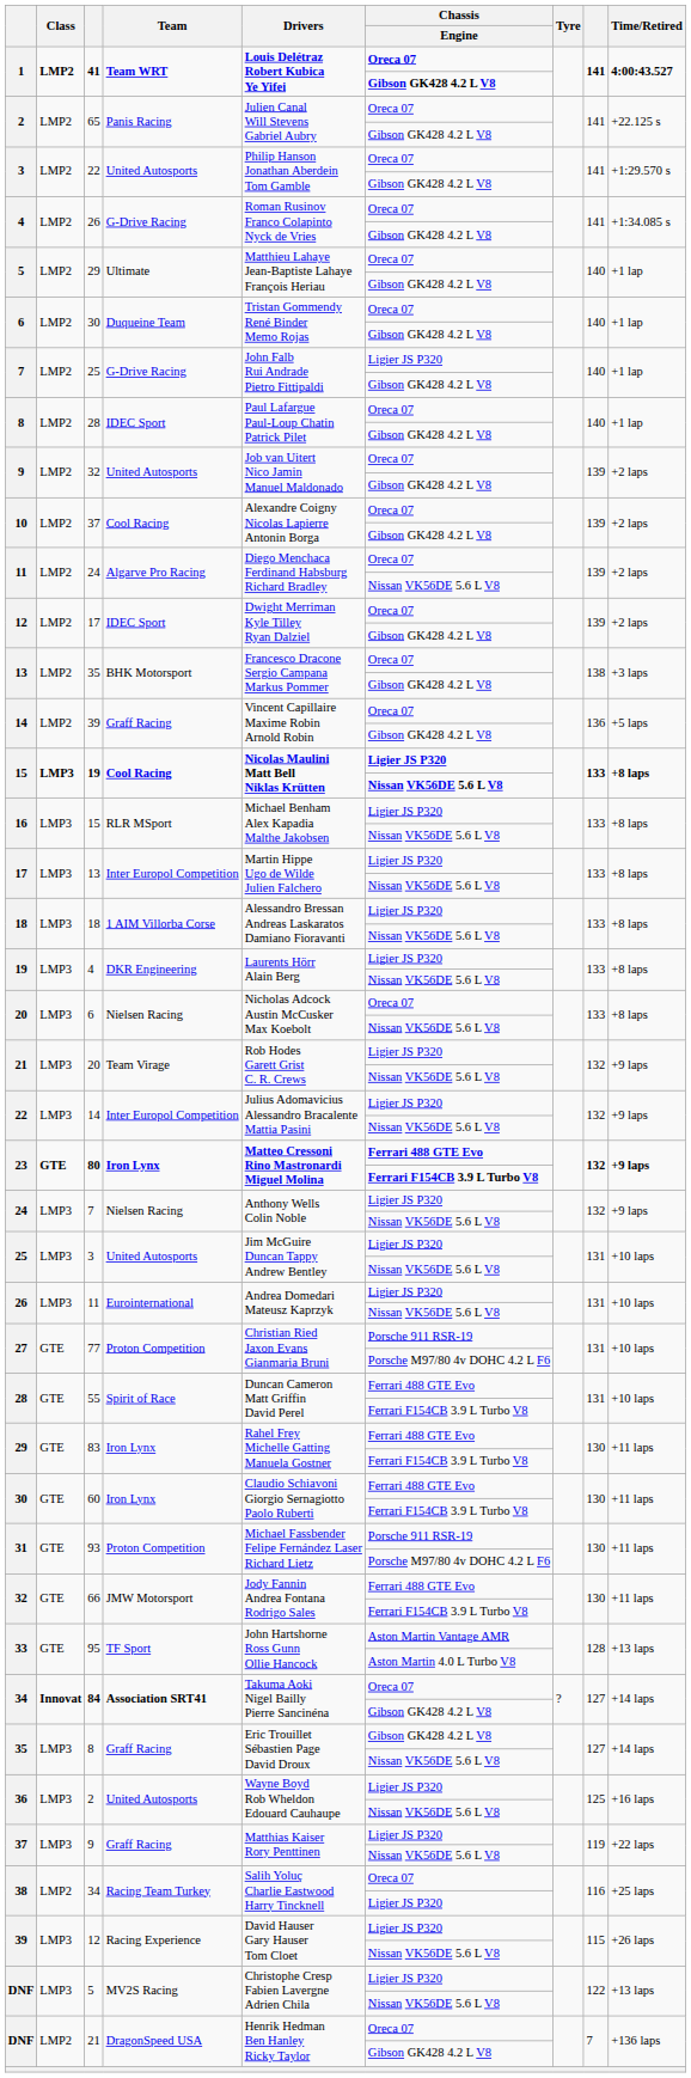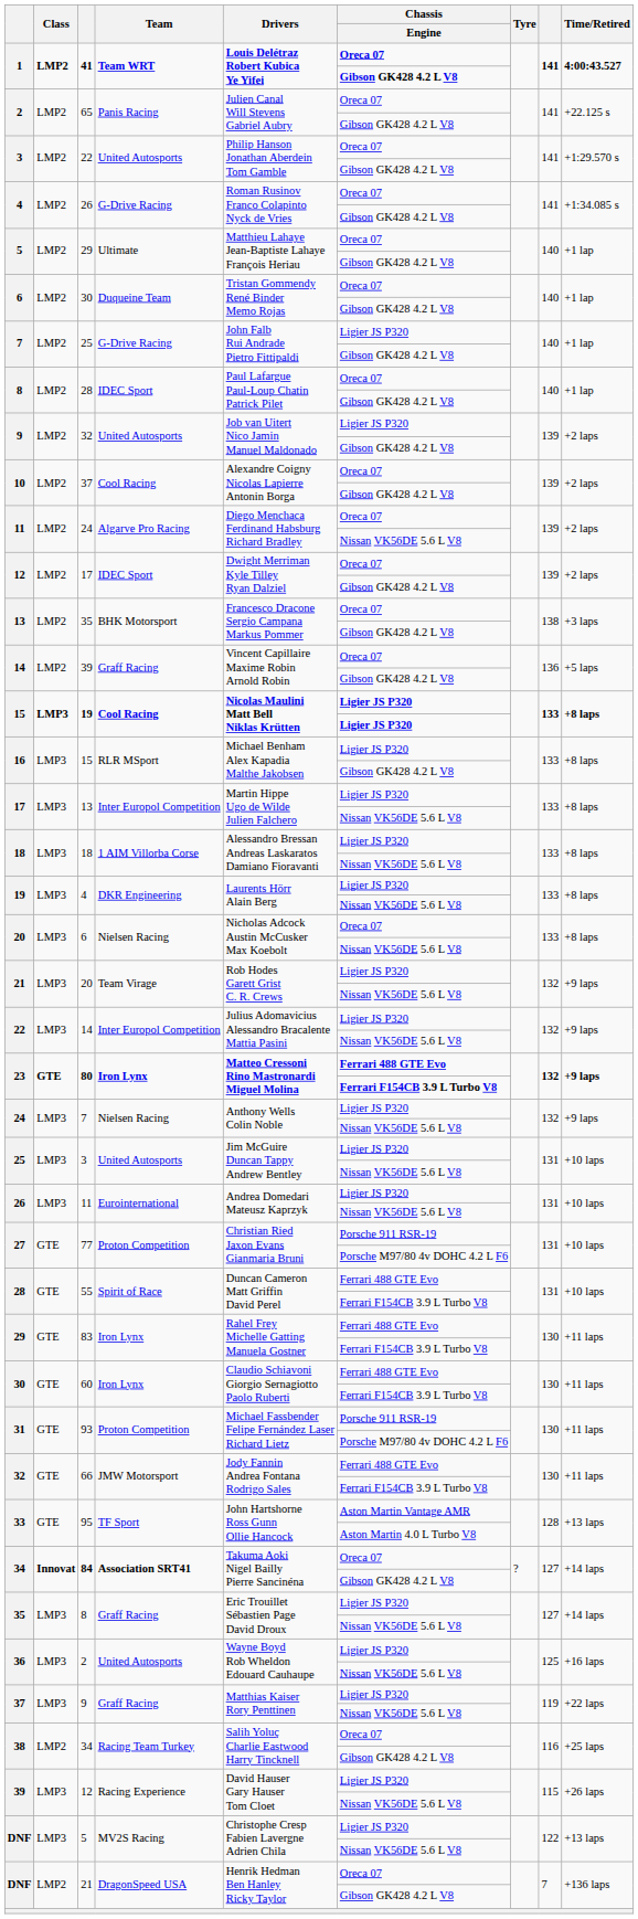 <table class="wikitable" style="font-size:85%;">
 <tr>
 <th rowspan="2"></th>
 <th rowspan="2">Class</th>
 <th rowspan="2"></th>
 <th rowspan="2">Team</th>
 <th rowspan="2">Drivers</th>
 <th>Chassis</th>
 <th rowspan="2">Tyre</th>
 <th rowspan="2"></th>
 <th rowspan="2">Time/Retired</th>
 </tr>
 <tr>
 <th>Engine</th>
 </tr>
 <tr>
 <th rowspan="2">1</th>
 <td rowspan="2"><strong>LMP2</strong></td>
 <td rowspan="2"><strong>41</strong></td>
 <td rowspan="2"><strong> <a href='#'>Team WRT</a></strong></td>
 <td rowspan="2"><strong> <a href='#'>Louis Delétraz</a><br> <a href='#'>Robert Kubica</a><br> <a href='#'>Ye Yifei</a></strong></td>
 <td><strong><a href='#'>Oreca 07</a></strong></td>
 <td rowspan="2"></td>
 <td rowspan="2"><strong>141</strong></td>
 <td rowspan="2"><strong>4:00:43.527</strong></td>
 </tr>
 <tr>
 <td><strong><a href='#'>Gibson</a> GK428 4.2 L <a href='#'>V8</a></strong></td>
 </tr>
 <tr>
 <th rowspan="2">2</th>
 <td rowspan="2">LMP2</td>
 <td rowspan="2">65</td>
 <td rowspan="2"> <a href='#'>Panis Racing</a></td>
 <td rowspan="2"> <a href='#'>Julien Canal</a><br> <a href='#'>Will Stevens</a><br> <a href='#'>Gabriel Aubry</a></td>
 <td><a href='#'>Oreca 07</a></td>
 <td rowspan="2"></td>
 <td rowspan="2">141</td>
 <td rowspan="2">+22.125 s</td>
 </tr>
 <tr>
 <td><a href='#'>Gibson</a> GK428 4.2 L <a href='#'>V8</a></td>
 </tr>
 <tr>
 <th rowspan="2">3</th>
 <td rowspan="2">LMP2</td>
 <td rowspan="2">22</td>
 <td rowspan="2"> <a href='#'>United Autosports</a></td>
 <td rowspan="2"> <a href='#'>Philip Hanson</a><br> <a href='#'>Jonathan Aberdein</a><br> <a href='#'>Tom Gamble</a></td>
 <td><a href='#'>Oreca 07</a></td>
 <td rowspan="2"></td>
 <td rowspan="2">141</td>
 <td rowspan="2">+1:29.570 s</td>
 </tr>
 <tr>
 <td><a href='#'>Gibson</a> GK428 4.2 L <a href='#'>V8</a></td>
 </tr>
 <tr>
 <th rowspan="2">4</th>
 <td rowspan="2">LMP2</td>
 <td rowspan="2">26</td>
 <td rowspan="2"> <a href='#'>G-Drive Racing</a></td>
 <td rowspan="2"> <a href='#'>Roman Rusinov</a><br> <a href='#'>Franco Colapinto</a><br> <a href='#'>Nyck de Vries</a></td>
 <td><a href='#'>Oreca 07</a></td>
 <td rowspan="2"></td>
 <td rowspan="2">141</td>
 <td rowspan="2">+1:34.085 s</td>
 </tr>
 <tr>
 <td><a href='#'>Gibson</a> GK428 4.2 L <a href='#'>V8</a></td>
 </tr>
 <tr>
 <th rowspan="2">5</th>
 <td rowspan="2">LMP2</td>
 <td rowspan="2">29</td>
 <td rowspan="2"> Ultimate</td>
 <td rowspan="2"> <a href='#'>Matthieu Lahaye</a><br> Jean-Baptiste Lahaye<br> François Heriau</td>
 <td><a href='#'>Oreca 07</a></td>
 <td rowspan="2"></td>
 <td rowspan="2">140</td>
 <td rowspan="2">+1 lap</td>
 </tr>
 <tr>
 <td><a href='#'>Gibson</a> GK428 4.2 L <a href='#'>V8</a></td>
 </tr>
 <tr>
 <th rowspan="2">6</th>
 <td rowspan="2">LMP2</td>
 <td rowspan="2">30</td>
 <td rowspan="2"> <a href='#'>Duqueine Team</a></td>
 <td rowspan="2"> <a href='#'>Tristan Gommendy</a><br> <a href='#'>René Binder</a><br> <a href='#'>Memo Rojas</a></td>
 <td><a href='#'>Oreca 07</a></td>
 <td rowspan="2"></td>
 <td rowspan="2">140</td>
 <td rowspan="2">+1 lap</td>
 </tr>
 <tr>
 <td><a href='#'>Gibson</a> GK428 4.2 L <a href='#'>V8</a></td>
 </tr>
 <tr>
 <th rowspan="2">7</th>
 <td rowspan="2">LMP2</td>
 <td rowspan="2">25</td>
 <td rowspan="2"> <a href='#'>G-Drive Racing</a></td>
 <td rowspan="2"> <a href='#'>John Falb</a><br> <a href='#'>Rui Andrade</a><br> <a href='#'>Pietro Fittipaldi</a></td>
 <td><a href='#'>Ligier JS P320</a></td>
 <td rowspan="2"></td>
 <td rowspan="2">140</td>
 <td rowspan="2">+1 lap</td>
 </tr>
 <tr>
 <td><a href='#'>Gibson</a> GK428 4.2 L <a href='#'>V8</a></td>
 </tr>
 <tr>
 <th rowspan="2">8</th>
 <td rowspan="2">LMP2</td>
 <td rowspan="2">28</td>
 <td rowspan="2"> <a href='#'>IDEC Sport</a></td>
 <td rowspan="2"> <a href='#'>Paul Lafargue</a><br> <a href='#'>Paul-Loup Chatin</a><br> <a href='#'>Patrick Pilet</a></td>
 <td><a href='#'>Oreca 07</a></td>
 <td rowspan="2"></td>
 <td rowspan="2">140</td>
 <td rowspan="2">+1 lap</td>
 </tr>
 <tr>
 <td><a href='#'>Gibson</a> GK428 4.2 L <a href='#'>V8</a></td>
 </tr>
 <tr>
 <th rowspan="2">9</th>
 <td rowspan="2">LMP2</td>
 <td rowspan="2">32</td>
 <td rowspan="2"> <a href='#'>United Autosports</a></td>
 <td rowspan="2"> <a href='#'>Job van Uitert</a><br> <a href='#'>Nico Jamin</a><br> <a href='#'>Manuel Maldonado</a></td>
-<td><a href='#'>Oreca 07</a></td>
+<td><a href='#'>Ligier JS P320</a></td>
 <td rowspan="2"></td>
 <td rowspan="2">139</td>
 <td rowspan="2">+2 laps</td>
 </tr>
 <tr>
 <td><a href='#'>Gibson</a> GK428 4.2 L <a href='#'>V8</a></td>
 </tr>
 <tr>
 <th rowspan="2">10</th>
 <td rowspan="2">LMP2</td>
 <td rowspan="2">37</td>
 <td rowspan="2"> <a href='#'>Cool Racing</a></td>
 <td rowspan="2"> Alexandre Coigny<br> <a href='#'>Nicolas Lapierre</a><br> Antonin Borga</td>
 <td><a href='#'>Oreca 07</a></td>
 <td rowspan="2"></td>
 <td rowspan="2">139</td>
 <td rowspan="2">+2 laps</td>
 </tr>
 <tr>
 <td><a href='#'>Gibson</a> GK428 4.2 L <a href='#'>V8</a></td>
 </tr>
 <tr>
 <th rowspan="2">11</th>
 <td rowspan="2">LMP2</td>
 <td rowspan="2">24</td>
 <td rowspan="2"> <a href='#'>Algarve Pro Racing</a></td>
 <td rowspan="2"> <a href='#'>Diego Menchaca</a><br> <a href='#'>Ferdinand Habsburg</a><br> <a href='#'>Richard Bradley</a></td>
 <td><a href='#'>Oreca 07</a></td>
 <td rowspan="2"></td>
 <td rowspan="2">139</td>
 <td rowspan="2">+2 laps</td>
 </tr>
 <tr>
 <td><a href='#'>Nissan</a> <a href='#'>VK56DE</a> 5.6 L <a href='#'>V8</a></td>
 </tr>
 <tr>
 <th rowspan="2">12</th>
 <td rowspan="2">LMP2</td>
 <td rowspan="2">17</td>
 <td rowspan="2"> <a href='#'>IDEC Sport</a></td>
 <td rowspan="2"> <a href='#'>Dwight Merriman</a><br> <a href='#'>Kyle Tilley</a><br> <a href='#'>Ryan Dalziel</a></td>
 <td><a href='#'>Oreca 07</a></td>
 <td rowspan="2"></td>
 <td rowspan="2">139</td>
 <td rowspan="2">+2 laps</td>
 </tr>
 <tr>
 <td><a href='#'>Gibson</a> GK428 4.2 L <a href='#'>V8</a></td>
 </tr>
 <tr>
 <th rowspan="2">13</th>
 <td rowspan="2">LMP2</td>
 <td rowspan="2">35</td>
 <td rowspan="2"> BHK Motorsport</td>
 <td rowspan="2"> <a href='#'>Francesco Dracone</a><br> <a href='#'>Sergio Campana</a><br> <a href='#'>Markus Pommer</a></td>
 <td><a href='#'>Oreca 07</a></td>
 <td rowspan="2"></td>
 <td rowspan="2">138</td>
 <td rowspan="2">+3 laps</td>
 </tr>
 <tr>
 <td><a href='#'>Gibson</a> GK428 4.2 L <a href='#'>V8</a></td>
 </tr>
 <tr>
 <th rowspan="2">14</th>
 <td rowspan="2">LMP2</td>
 <td rowspan="2">39</td>
 <td rowspan="2"> <a href='#'>Graff Racing</a></td>
 <td rowspan="2"> Vincent Capillaire<br> Maxime Robin<br> Arnold Robin</td>
 <td><a href='#'>Oreca 07</a></td>
 <td rowspan="2"></td>
 <td rowspan="2">136</td>
 <td rowspan="2">+5 laps</td>
 </tr>
 <tr>
 <td><a href='#'>Gibson</a> GK428 4.2 L <a href='#'>V8</a></td>
 </tr>
 <tr>
 <th rowspan="2">15</th>
 <td rowspan="2"><strong>LMP3</strong></td>
 <td rowspan="2"><strong>19</strong></td>
 <td rowspan="2"> <strong><a href='#'>Cool Racing</a></strong></td>
 <td rowspan="2"> <strong><a href='#'>Nicolas Maulini</a></strong><br> <strong>Matt Bell</strong><br> <strong><a href='#'>Niklas Krütten</a></strong></td>
 <td><strong><a href='#'>Ligier JS P320</a></strong></td>
 <td rowspan="2"></td>
 <td rowspan="2"><strong>133</strong></td>
 <td rowspan="2"><strong>+8 laps</strong></td>
 </tr>
 <tr>
-<td><strong><a href='#'>Nissan</a> <a href='#'>VK56DE</a> 5.6 L <a href='#'>V8</a></strong></td>
+<td><strong><a href='#'>Ligier JS P320</a></strong></td>
 </tr>
 <tr>
 <th rowspan="2">16</th>
 <td rowspan="2">LMP3</td>
 <td rowspan="2">15</td>
 <td rowspan="2"> RLR MSport</td>
 <td rowspan="2"> Michael Benham<br> Alex Kapadia<br> <a href='#'>Malthe Jakobsen</a></td>
 <td><a href='#'>Ligier JS P320</a></td>
 <td rowspan="2"></td>
 <td rowspan="2">133</td>
 <td rowspan="2">+8 laps</td>
 </tr>
 <tr>
-<td><a href='#'>Nissan</a> <a href='#'>VK56DE</a> 5.6 L <a href='#'>V8</a></td>
+<td><a href='#'>Gibson</a> GK428 4.2 L <a href='#'>V8</a></td>
 </tr>
 <tr>
 <th rowspan="2">17</th>
 <td rowspan="2">LMP3</td>
 <td rowspan="2">13</td>
 <td rowspan="2"> <a href='#'>Inter Europol Competition</a></td>
 <td rowspan="2"> Martin Hippe<br> <a href='#'>Ugo de Wilde</a><br> <a href='#'>Julien Falchero</a></td>
 <td><a href='#'>Ligier JS P320</a></td>
 <td rowspan="2"></td>
 <td rowspan="2">133</td>
 <td rowspan="2">+8 laps</td>
 </tr>
 <tr>
 <td><a href='#'>Nissan</a> <a href='#'>VK56DE</a> 5.6 L <a href='#'>V8</a></td>
 </tr>
 <tr>
 <th rowspan="2">18</th>
 <td rowspan="2">LMP3</td>
 <td rowspan="2">18</td>
 <td rowspan="2"> <a href='#'>1 AIM Villorba Corse</a></td>
 <td rowspan="2"> Alessandro Bressan<br> Andreas Laskaratos<br> Damiano Fioravanti</td>
 <td><a href='#'>Ligier JS P320</a></td>
 <td rowspan="2"></td>
 <td rowspan="2">133</td>
 <td rowspan="2">+8 laps</td>
 </tr>
 <tr>
 <td><a href='#'>Nissan</a> <a href='#'>VK56DE</a> 5.6 L <a href='#'>V8</a></td>
 </tr>
 <tr>
 <th rowspan="2">19</th>
 <td rowspan="2">LMP3</td>
 <td rowspan="2">4</td>
 <td rowspan="2"> <a href='#'>DKR Engineering</a></td>
 <td rowspan="2"> <a href='#'>Laurents Hörr</a><br> Alain Berg</td>
 <td><a href='#'>Ligier JS P320</a></td>
 <td rowspan="2"></td>
 <td rowspan="2">133</td>
 <td rowspan="2">+8 laps</td>
 </tr>
 <tr>
 <td><a href='#'>Nissan</a> <a href='#'>VK56DE</a> 5.6 L <a href='#'>V8</a></td>
 </tr>
 <tr>
 <th rowspan="2">20</th>
 <td rowspan="2">LMP3</td>
 <td rowspan="2">6</td>
 <td rowspan="2"> Nielsen Racing</td>
 <td rowspan="2"> Nicholas Adcock<br> Austin McCusker<br> Max Koebolt</td>
 <td><a href='#'>Oreca 07</a></td>
 <td rowspan="2"></td>
 <td rowspan="2">133</td>
 <td rowspan="2">+8 laps</td>
 </tr>
 <tr>
 <td><a href='#'>Nissan</a> <a href='#'>VK56DE</a> 5.6 L <a href='#'>V8</a></td>
 </tr>
 <tr>
 <th rowspan="2">21</th>
 <td rowspan="2">LMP3</td>
 <td rowspan="2">20</td>
 <td rowspan="2"> Team Virage</td>
 <td rowspan="2"> Rob Hodes<br> <a href='#'>Garett Grist</a><br> <a href='#'>C. R. Crews</a></td>
 <td><a href='#'>Ligier JS P320</a></td>
 <td rowspan="2"></td>
 <td rowspan="2">132</td>
 <td rowspan="2">+9 laps</td>
 </tr>
 <tr>
 <td><a href='#'>Nissan</a> <a href='#'>VK56DE</a> 5.6 L <a href='#'>V8</a></td>
 </tr>
 <tr>
 <th rowspan="2">22</th>
 <td rowspan="2">LMP3</td>
 <td rowspan="2">14</td>
 <td rowspan="2"> <a href='#'>Inter Europol Competition</a></td>
 <td rowspan="2"> Julius Adomavicius<br> Alessandro Bracalente<br> <a href='#'>Mattia Pasini</a></td>
 <td><a href='#'>Ligier JS P320</a></td>
 <td rowspan="2"></td>
 <td rowspan="2">132</td>
 <td rowspan="2">+9 laps</td>
 </tr>
 <tr>
 <td><a href='#'>Nissan</a> <a href='#'>VK56DE</a> 5.6 L <a href='#'>V8</a></td>
 </tr>
 <tr>
 <th rowspan="2">23</th>
 <td rowspan="2"><strong>GTE</strong></td>
 <td rowspan="2"><strong>80</strong></td>
 <td rowspan="2"> <strong><a href='#'>Iron Lynx</a></strong></td>
 <td rowspan="2"> <strong><a href='#'>Matteo Cressoni</a></strong><br> <strong><a href='#'>Rino Mastronardi</a></strong><br> <strong><a href='#'>Miguel Molina</a></strong></td>
 <td><strong><a href='#'>Ferrari 488 GTE Evo</a></strong></td>
 <td rowspan="2"></td>
 <td rowspan="2"><strong>132</strong></td>
 <td rowspan="2"><strong>+9 laps</strong></td>
 </tr>
 <tr>
 <td><strong><a href='#'>Ferrari F154CB</a> 3.9 L Turbo <a href='#'>V8</a></strong></td>
 </tr>
 <tr>
 <th rowspan="2">24</th>
 <td rowspan="2">LMP3</td>
 <td rowspan="2">7</td>
 <td rowspan="2"> Nielsen Racing</td>
 <td rowspan="2"> Anthony Wells<br> Colin Noble</td>
 <td><a href='#'>Ligier JS P320</a></td>
 <td rowspan="2"></td>
 <td rowspan="2">132</td>
 <td rowspan="2">+9 laps</td>
 </tr>
 <tr>
 <td><a href='#'>Nissan</a> <a href='#'>VK56DE</a> 5.6 L <a href='#'>V8</a></td>
 </tr>
 <tr>
 <th rowspan="2">25</th>
 <td rowspan="2">LMP3</td>
 <td rowspan="2">3</td>
 <td rowspan="2"> <a href='#'>United Autosports</a></td>
 <td rowspan="2"> Jim McGuire<br> <a href='#'>Duncan Tappy</a><br> Andrew Bentley</td>
 <td><a href='#'>Ligier JS P320</a></td>
 <td rowspan="2"></td>
 <td rowspan="2">131</td>
 <td rowspan="2">+10 laps</td>
 </tr>
 <tr>
 <td><a href='#'>Nissan</a> <a href='#'>VK56DE</a> 5.6 L <a href='#'>V8</a></td>
 </tr>
 <tr>
 <th rowspan="2">26</th>
 <td rowspan="2">LMP3</td>
 <td rowspan="2">11</td>
 <td rowspan="2"> <a href='#'>Eurointernational</a></td>
 <td rowspan="2"> Andrea Domedari<br> Mateusz Kaprzyk</td>
 <td><a href='#'>Ligier JS P320</a></td>
 <td rowspan="2"></td>
 <td rowspan="2">131</td>
 <td rowspan="2">+10 laps</td>
 </tr>
 <tr>
 <td><a href='#'>Nissan</a> <a href='#'>VK56DE</a> 5.6 L <a href='#'>V8</a></td>
 </tr>
 <tr>
 <th rowspan="2">27</th>
 <td rowspan="2">GTE</td>
 <td rowspan="2">77</td>
 <td rowspan="2"> <a href='#'>Proton Competition</a></td>
 <td rowspan="2"> <a href='#'>Christian Ried</a><br> <a href='#'>Jaxon Evans</a><br> <a href='#'>Gianmaria Bruni</a></td>
 <td><a href='#'>Porsche 911 RSR-19</a></td>
 <td rowspan="2"></td>
 <td rowspan="2">131</td>
 <td rowspan="2">+10 laps</td>
 </tr>
 <tr>
 <td><a href='#'>Porsche</a> M97/80 4v DOHC 4.2 L <a href='#'>F6</a></td>
 </tr>
 <tr>
 <th rowspan="2">28</th>
 <td rowspan="2">GTE</td>
 <td rowspan="2">55</td>
 <td rowspan="2"> <a href='#'>Spirit of Race</a></td>
 <td rowspan="2"> Duncan Cameron<br> Matt Griffin<br> David Perel</td>
 <td><a href='#'>Ferrari 488 GTE Evo</a></td>
 <td rowspan="2"></td>
 <td rowspan="2">131</td>
 <td rowspan="2">+10 laps</td>
 </tr>
 <tr>
 <td><a href='#'>Ferrari F154CB</a> 3.9 L Turbo <a href='#'>V8</a></td>
 </tr>
 <tr>
 <th rowspan="2">29</th>
 <td rowspan="2">GTE</td>
 <td rowspan="2">83</td>
 <td rowspan="2"> <a href='#'>Iron Lynx</a></td>
 <td rowspan="2"> <a href='#'>Rahel Frey</a><br> <a href='#'>Michelle Gatting</a><br> <a href='#'>Manuela Gostner</a></td>
 <td><a href='#'>Ferrari 488 GTE Evo</a></td>
 <td rowspan="2"></td>
 <td rowspan="2">130</td>
 <td rowspan="2">+11 laps</td>
 </tr>
 <tr>
 <td><a href='#'>Ferrari F154CB</a> 3.9 L Turbo <a href='#'>V8</a></td>
 </tr>
 <tr>
 <th rowspan="2">30</th>
 <td rowspan="2">GTE</td>
 <td rowspan="2">60</td>
 <td rowspan="2"> <a href='#'>Iron Lynx</a></td>
 <td rowspan="2"> <a href='#'>Claudio Schiavoni</a><br> Giorgio Sernagiotto<br> <a href='#'>Paolo Ruberti</a></td>
 <td><a href='#'>Ferrari 488 GTE Evo</a></td>
 <td rowspan="2"></td>
 <td rowspan="2">130</td>
 <td rowspan="2">+11 laps</td>
 </tr>
 <tr>
 <td><a href='#'>Ferrari F154CB</a> 3.9 L Turbo <a href='#'>V8</a></td>
 </tr>
 <tr>
 <th rowspan="2">31</th>
 <td rowspan="2">GTE</td>
 <td rowspan="2">93</td>
 <td rowspan="2"> <a href='#'>Proton Competition</a></td>
 <td rowspan="2"> <a href='#'>Michael Fassbender</a><br> <a href='#'>Felipe Fernández Laser</a><br> <a href='#'>Richard Lietz</a></td>
 <td><a href='#'>Porsche 911 RSR-19</a></td>
 <td rowspan="2"></td>
 <td rowspan="2">130</td>
 <td rowspan="2">+11 laps</td>
 </tr>
 <tr>
 <td><a href='#'>Porsche</a> M97/80 4v DOHC 4.2 L <a href='#'>F6</a></td>
 </tr>
 <tr>
 <th rowspan="2">32</th>
 <td rowspan="2">GTE</td>
 <td rowspan="2">66</td>
 <td rowspan="2"> JMW Motorsport</td>
 <td rowspan="2"> <a href='#'>Jody Fannin</a><br> Andrea Fontana<br> <a href='#'>Rodrigo Sales</a></td>
 <td><a href='#'>Ferrari 488 GTE Evo</a></td>
 <td rowspan="2"></td>
 <td rowspan="2">130</td>
 <td rowspan="2">+11 laps</td>
 </tr>
 <tr>
 <td><a href='#'>Ferrari F154CB</a> 3.9 L Turbo <a href='#'>V8</a></td>
 </tr>
 <tr>
 <th rowspan="2">33</th>
 <td rowspan="2">GTE</td>
 <td rowspan="2">95</td>
 <td rowspan="2"> <a href='#'>TF Sport</a></td>
 <td rowspan="2"> John Hartshorne<br> <a href='#'>Ross Gunn</a><br> <a href='#'>Ollie Hancock</a></td>
 <td><a href='#'>Aston Martin Vantage AMR</a></td>
 <td rowspan="2"></td>
 <td rowspan="2">128</td>
 <td rowspan="2">+13 laps</td>
 </tr>
 <tr>
 <td><a href='#'>Aston Martin</a> 4.0 L Turbo <a href='#'>V8</a></td>
 </tr>
 <tr>
 <th rowspan="2">34</th>
 <td rowspan="2"><strong>Innovat</strong></td>
 <td rowspan="2"><strong>84</strong></td>
 <td rowspan="2"> <strong>Association SRT41</strong></td>
 <td rowspan="2"> <a href='#'>Takuma Aoki</a><br> Nigel Bailly<br> Pierre Sancinéna</td>
 <td><a href='#'>Oreca 07</a></td>
 <td rowspan="2">?</td>
 <td rowspan="2">127</td>
 <td rowspan="2">+14 laps</td>
 </tr>
 <tr>
 <td><a href='#'>Gibson</a> GK428 4.2 L <a href='#'>V8</a></td>
 </tr>
 <tr>
 <th rowspan="2">35</th>
 <td rowspan="2">LMP3</td>
 <td rowspan="2">8</td>
 <td rowspan="2"> <a href='#'>Graff Racing</a></td>
 <td rowspan="2"> Eric Trouillet<br> Sébastien Page<br> David Droux</td>
-<td><a href='#'>Gibson</a> GK428 4.2 L <a href='#'>V8</a></td>
+<td><a href='#'>Ligier JS P320</a></td>
 <td rowspan="2"></td>
 <td rowspan="2">127</td>
 <td rowspan="2">+14 laps</td>
 </tr>
 <tr>
 <td><a href='#'>Nissan</a> <a href='#'>VK56DE</a> 5.6 L <a href='#'>V8</a></td>
 </tr>
 <tr>
 <th rowspan="2">36</th>
 <td rowspan="2">LMP3</td>
 <td rowspan="2">2</td>
 <td rowspan="2"> <a href='#'>United Autosports</a></td>
 <td rowspan="2"> <a href='#'>Wayne Boyd</a><br> Rob Wheldon<br> Edouard Cauhaupe</td>
 <td><a href='#'>Ligier JS P320</a></td>
 <td rowspan="2"></td>
 <td rowspan="2">125</td>
 <td rowspan="2">+16 laps</td>
 </tr>
 <tr>
 <td><a href='#'>Nissan</a> <a href='#'>VK56DE</a> 5.6 L <a href='#'>V8</a></td>
 </tr>
 <tr>
 <th rowspan="2">37</th>
 <td rowspan="2">LMP3</td>
 <td rowspan="2">9</td>
 <td rowspan="2"> <a href='#'>Graff Racing</a></td>
 <td rowspan="2"> <a href='#'>Matthias Kaiser</a><br> <a href='#'>Rory Penttinen</a></td>
 <td><a href='#'>Ligier JS P320</a></td>
 <td rowspan="2"></td>
 <td rowspan="2">119</td>
 <td rowspan="2">+22 laps</td>
 </tr>
 <tr>
 <td><a href='#'>Nissan</a> <a href='#'>VK56DE</a> 5.6 L <a href='#'>V8</a></td>
 </tr>
 <tr>
 <th rowspan="2">38</th>
 <td rowspan="2">LMP2</td>
 <td rowspan="2">34</td>
 <td rowspan="2"> <a href='#'>Racing Team Turkey</a></td>
 <td rowspan="2"> <a href='#'>Salih Yoluç</a><br> <a href='#'>Charlie Eastwood</a><br> <a href='#'>Harry Tincknell</a></td>
 <td><a href='#'>Oreca 07</a></td>
 <td rowspan="2"></td>
 <td rowspan="2">116</td>
 <td rowspan="2">+25 laps</td>
 </tr>
 <tr>
-<td><a href='#'>Ligier JS P320</a></td>
+<td><a href='#'>Gibson</a> GK428 4.2 L <a href='#'>V8</a></td>
 </tr>
 <tr>
 <th rowspan="2">39</th>
 <td rowspan="2">LMP3</td>
 <td rowspan="2">12</td>
 <td rowspan="2"> Racing Experience</td>
 <td rowspan="2"> David Hauser<br> Gary Hauser<br> Tom Cloet</td>
 <td><a href='#'>Ligier JS P320</a></td>
 <td rowspan="2"></td>
 <td rowspan="2">115</td>
 <td rowspan="2">+26 laps</td>
 </tr>
 <tr>
 <td><a href='#'>Nissan</a> <a href='#'>VK56DE</a> 5.6 L <a href='#'>V8</a></td>
 </tr>
 <tr>
 <th rowspan="2">DNF</th>
 <td rowspan="2">LMP3</td>
 <td rowspan="2">5</td>
 <td rowspan="2"> MV2S Racing</td>
 <td rowspan="2"> Christophe Cresp<br> Fabien Lavergne<br> Adrien Chila</td>
 <td><a href='#'>Ligier JS P320</a></td>
 <td rowspan="2"></td>
 <td rowspan="2">122</td>
 <td rowspan="2">+13 laps</td>
 </tr>
 <tr>
 <td><a href='#'>Nissan</a> <a href='#'>VK56DE</a> 5.6 L <a href='#'>V8</a></td>
 </tr>
 <tr>
 <th rowspan="2">DNF</th>
 <td rowspan="2">LMP2</td>
 <td rowspan="2">21</td>
 <td rowspan="2"> <a href='#'>DragonSpeed USA</a></td>
 <td rowspan="2"> Henrik Hedman<br> <a href='#'>Ben Hanley</a><br> <a href='#'>Ricky Taylor</a></td>
 <td><a href='#'>Oreca 07</a></td>
 <td rowspan="2"></td>
 <td rowspan="2">7</td>
 <td rowspan="2">+136 laps</td>
 </tr>
 <tr>
 <td><a href='#'>Gibson</a> GK428 4.2 L <a href='#'>V8</a></td>
 </tr>
 <tr>
 <th colspan="9"></th>
 </tr>
 </table>
